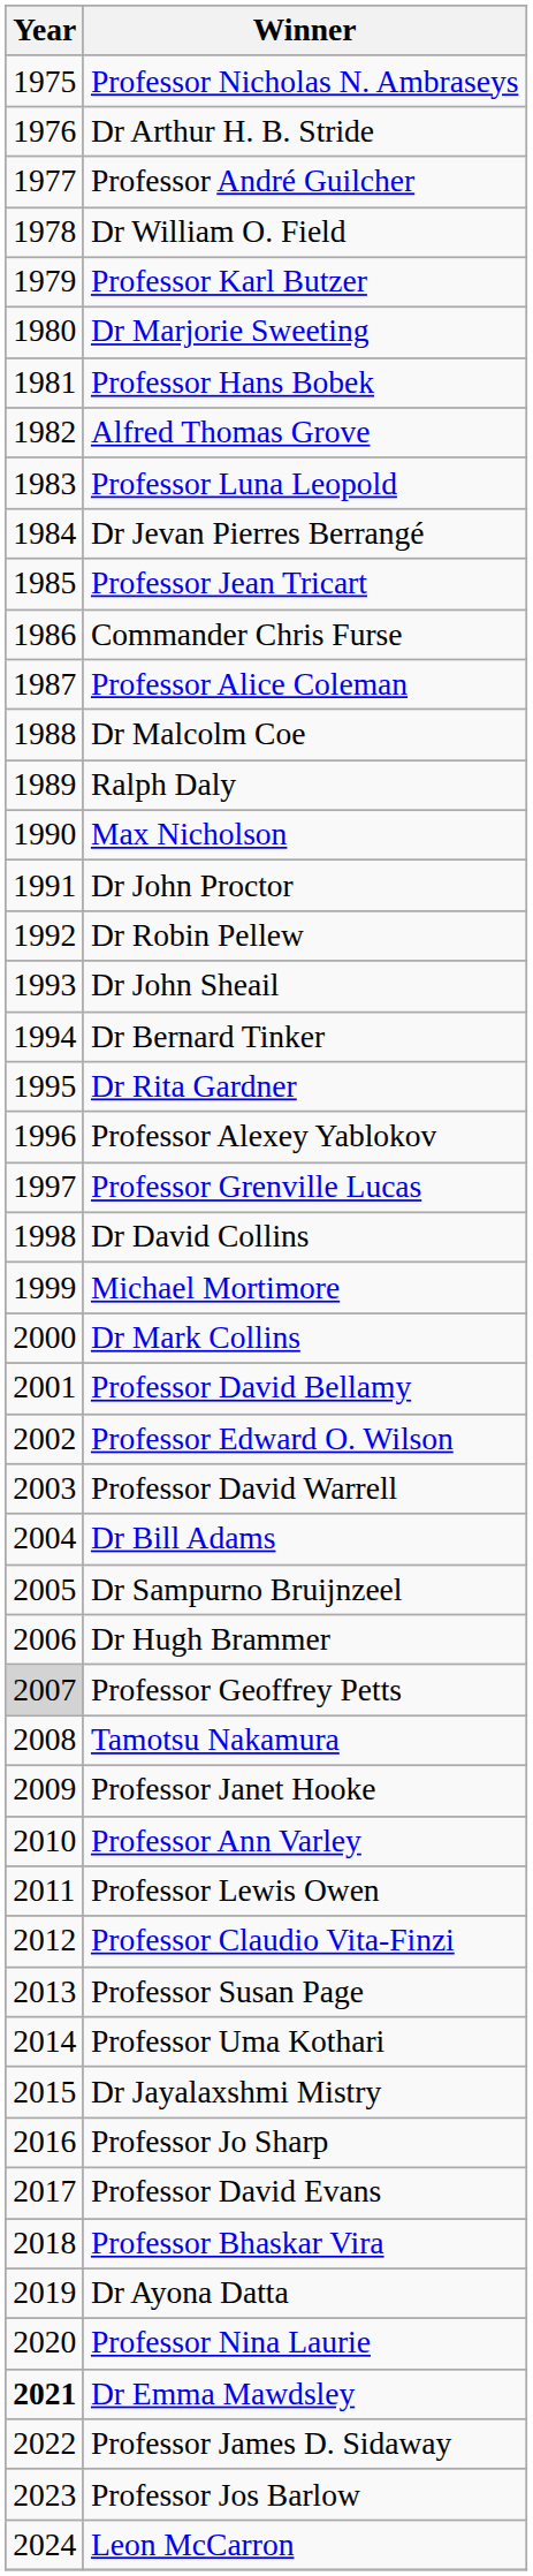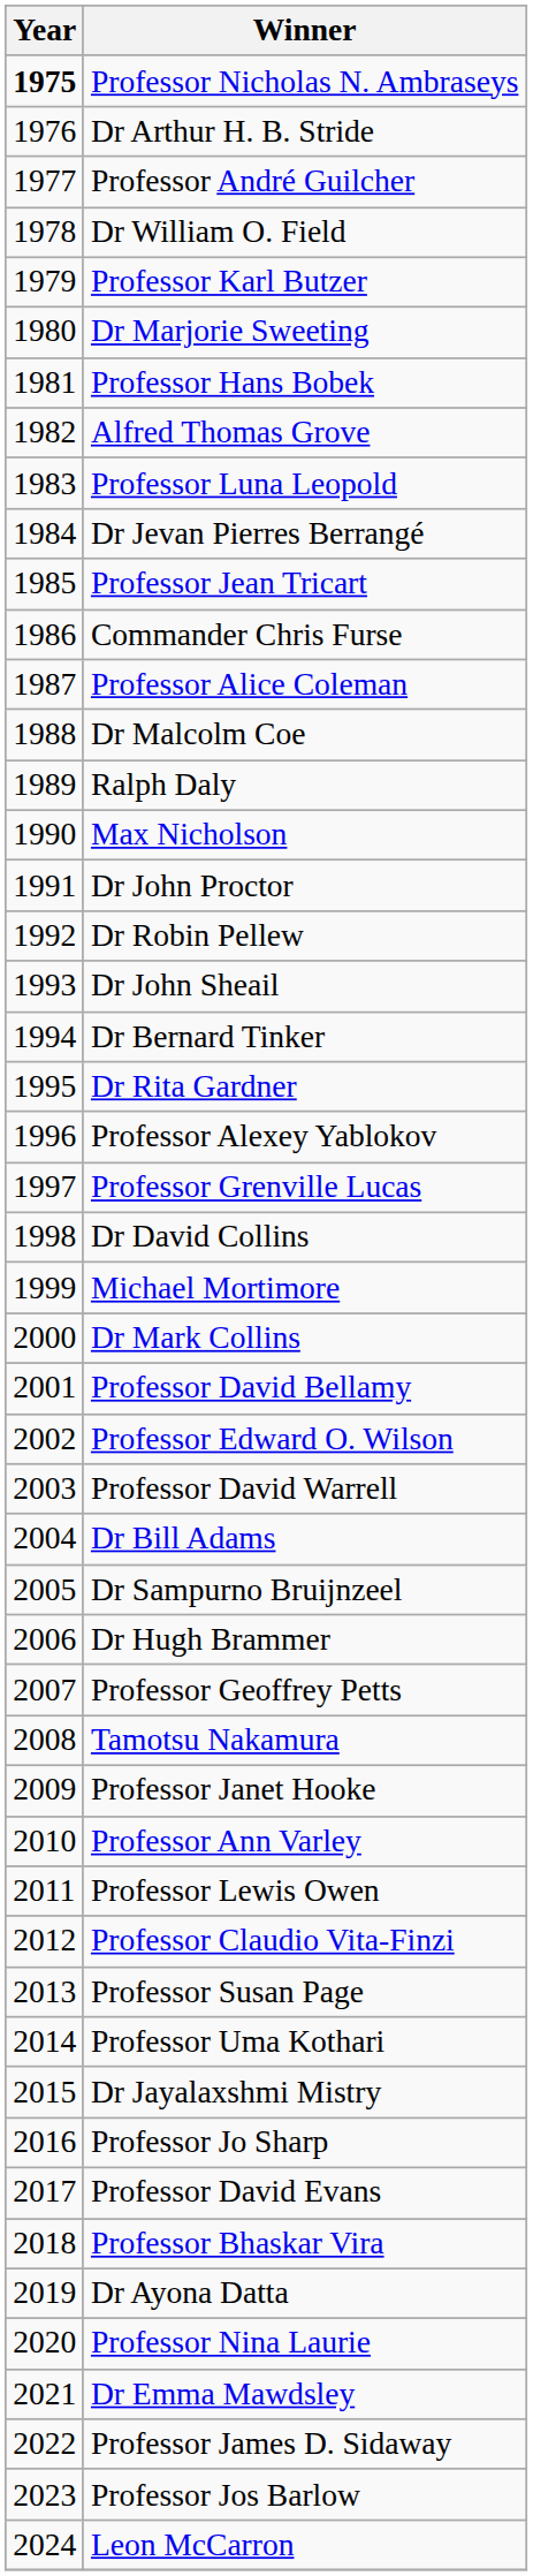 <table class="wikitable">
 <tr>
 <th>Year</th>
 <th>Winner</th>
 </tr>
 <tr>
-<td>1975</td>
+<td><strong>1975</strong></td>
 <td><a href='#'>Professor Nicholas N. Ambraseys</a></td>
 </tr>
 <tr>
 <td>1976</td>
 <td>Dr Arthur H. B. Stride</td>
 </tr>
 <tr>
 <td>1977</td>
 <td>Professor <a href='#'>André Guilcher</a></td>
 </tr>
 <tr>
 <td>1978</td>
 <td>Dr William O. Field</td>
 </tr>
 <tr>
 <td>1979</td>
 <td><a href='#'>Professor Karl Butzer</a></td>
 </tr>
 <tr>
 <td>1980</td>
 <td><a href='#'>Dr Marjorie Sweeting</a></td>
 </tr>
 <tr>
 <td>1981</td>
 <td><a href='#'>Professor Hans Bobek</a></td>
 </tr>
 <tr>
 <td>1982</td>
 <td><a href='#'>Alfred Thomas Grove</a></td>
 </tr>
 <tr>
 <td>1983</td>
 <td><a href='#'>Professor Luna Leopold</a></td>
 </tr>
 <tr>
 <td>1984</td>
 <td>Dr Jevan Pierres Berrangé</td>
 </tr>
 <tr>
 <td>1985</td>
 <td><a href='#'>Professor Jean Tricart</a></td>
 </tr>
 <tr>
 <td>1986</td>
 <td>Commander Chris Furse</td>
 </tr>
 <tr>
 <td>1987</td>
 <td><a href='#'>Professor Alice Coleman</a></td>
 </tr>
 <tr>
 <td>1988</td>
 <td>Dr Malcolm Coe</td>
 </tr>
 <tr>
 <td>1989</td>
 <td>Ralph Daly</td>
 </tr>
 <tr>
 <td>1990</td>
 <td><a href='#'>Max Nicholson</a></td>
 </tr>
 <tr>
 <td>1991</td>
 <td>Dr John Proctor</td>
 </tr>
 <tr>
 <td>1992</td>
 <td>Dr Robin Pellew</td>
 </tr>
 <tr>
 <td>1993</td>
 <td>Dr John Sheail</td>
 </tr>
 <tr>
 <td>1994</td>
 <td>Dr Bernard Tinker</td>
 </tr>
 <tr>
 <td>1995</td>
 <td><a href='#'>Dr Rita Gardner</a></td>
 </tr>
 <tr>
 <td>1996</td>
 <td>Professor Alexey Yablokov</td>
 </tr>
 <tr>
 <td>1997</td>
 <td><a href='#'>Professor Grenville Lucas</a></td>
 </tr>
 <tr>
 <td>1998</td>
 <td>Dr David Collins</td>
 </tr>
 <tr>
 <td>1999</td>
 <td><a href='#'>Michael Mortimore</a></td>
 </tr>
 <tr>
 <td>2000</td>
 <td><a href='#'>Dr Mark Collins</a></td>
 </tr>
 <tr>
 <td>2001</td>
 <td><a href='#'>Professor David Bellamy</a></td>
 </tr>
 <tr>
 <td>2002</td>
 <td><a href='#'>Professor Edward O. Wilson</a></td>
 </tr>
 <tr>
 <td>2003</td>
 <td>Professor David Warrell</td>
 </tr>
 <tr>
 <td>2004</td>
 <td><a href='#'>Dr Bill Adams</a></td>
 </tr>
 <tr>
 <td>2005</td>
 <td>Dr Sampurno Bruijnzeel</td>
 </tr>
 <tr>
 <td>2006</td>
 <td>Dr Hugh Brammer</td>
 </tr>
 <tr>
-<td style="background: lightgrey;">2007</td>
+<td>2007</td>
 <td>Professor Geoffrey Petts</td>
 </tr>
 <tr>
 <td>2008</td>
 <td><a href='#'>Tamotsu Nakamura</a></td>
 </tr>
 <tr>
 <td>2009</td>
 <td>Professor Janet Hooke</td>
 </tr>
 <tr>
 <td>2010</td>
 <td><a href='#'>Professor Ann Varley</a></td>
 </tr>
 <tr>
 <td>2011</td>
 <td>Professor Lewis Owen</td>
 </tr>
 <tr>
 <td>2012</td>
 <td><a href='#'>Professor Claudio Vita-Finzi</a></td>
 </tr>
 <tr>
 <td>2013</td>
 <td>Professor Susan Page</td>
 </tr>
 <tr>
 <td>2014</td>
 <td>Professor Uma Kothari</td>
 </tr>
 <tr>
 <td>2015</td>
 <td>Dr Jayalaxshmi Mistry</td>
 </tr>
 <tr>
 <td>2016</td>
 <td>Professor Jo Sharp</td>
 </tr>
 <tr>
 <td>2017</td>
 <td>Professor David Evans</td>
 </tr>
 <tr>
 <td>2018</td>
 <td><a href='#'>Professor Bhaskar Vira</a></td>
 </tr>
 <tr>
 <td>2019</td>
 <td>Dr Ayona Datta</td>
 </tr>
 <tr>
 <td>2020</td>
 <td><a href='#'>Professor Nina Laurie</a></td>
 </tr>
 <tr>
-<td><strong>2021</strong></td>
+<td>2021</td>
 <td><a href='#'>Dr Emma Mawdsley</a></td>
 </tr>
 <tr>
 <td>2022</td>
 <td>Professor James D. Sidaway</td>
 </tr>
 <tr>
 <td>2023</td>
 <td>Professor Jos Barlow</td>
 </tr>
 <tr>
 <td>2024</td>
 <td><a href='#'>Leon McCarron</a></td>
 </tr>
 <tr>
 </tr>
 </table>
